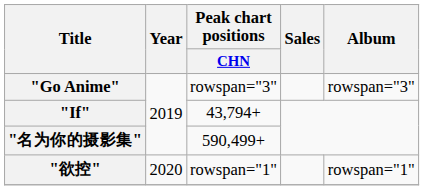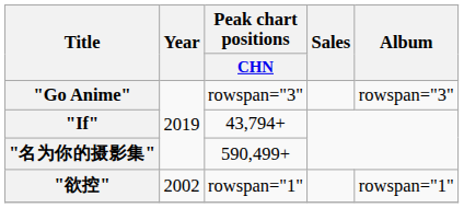 <table class="wikitable plainrowheaders" style="text-align:center;">
 <tr>
 <th scope="col" rowspan="2">Title</th>
 <th scope="col" rowspan="2">Year</th>
 <th colspan="1">Peak chart positions</th>
 <th scope=col rowspan=2>Sales</th>
 <th scope="col" rowspan="2">Album</th>
 </tr>
 <tr>
 <th scope="col" style="width:3em;font-size:90%;"><a href='#'>CHN</a></th>
 </tr>
 <tr>
 <th scope="row">"Go Anime"</th>
 <td rowspan="3">2019</td>
 <td>rowspan="3" </td>
 <td></td>
 <td>rowspan="3" </td>
 </tr>
 <tr>
 <th scope="row">"If"</th>
 <td>43,794+ </td>
 </tr>
 <tr>
 <th scope="row">"名为你的摄影集"</th>
 <td>590,499+ </td>
 </tr>
 <tr>
 <th scope="row">"欲控"</th>
-<td rowspan="1">2020</td>
+<td rowspan="1">2002</td>
 <td>rowspan="1" </td>
 <td></td>
 <td>rowspan="1" </td>
 </tr>
 <tr>
 </tr>
 </table>
